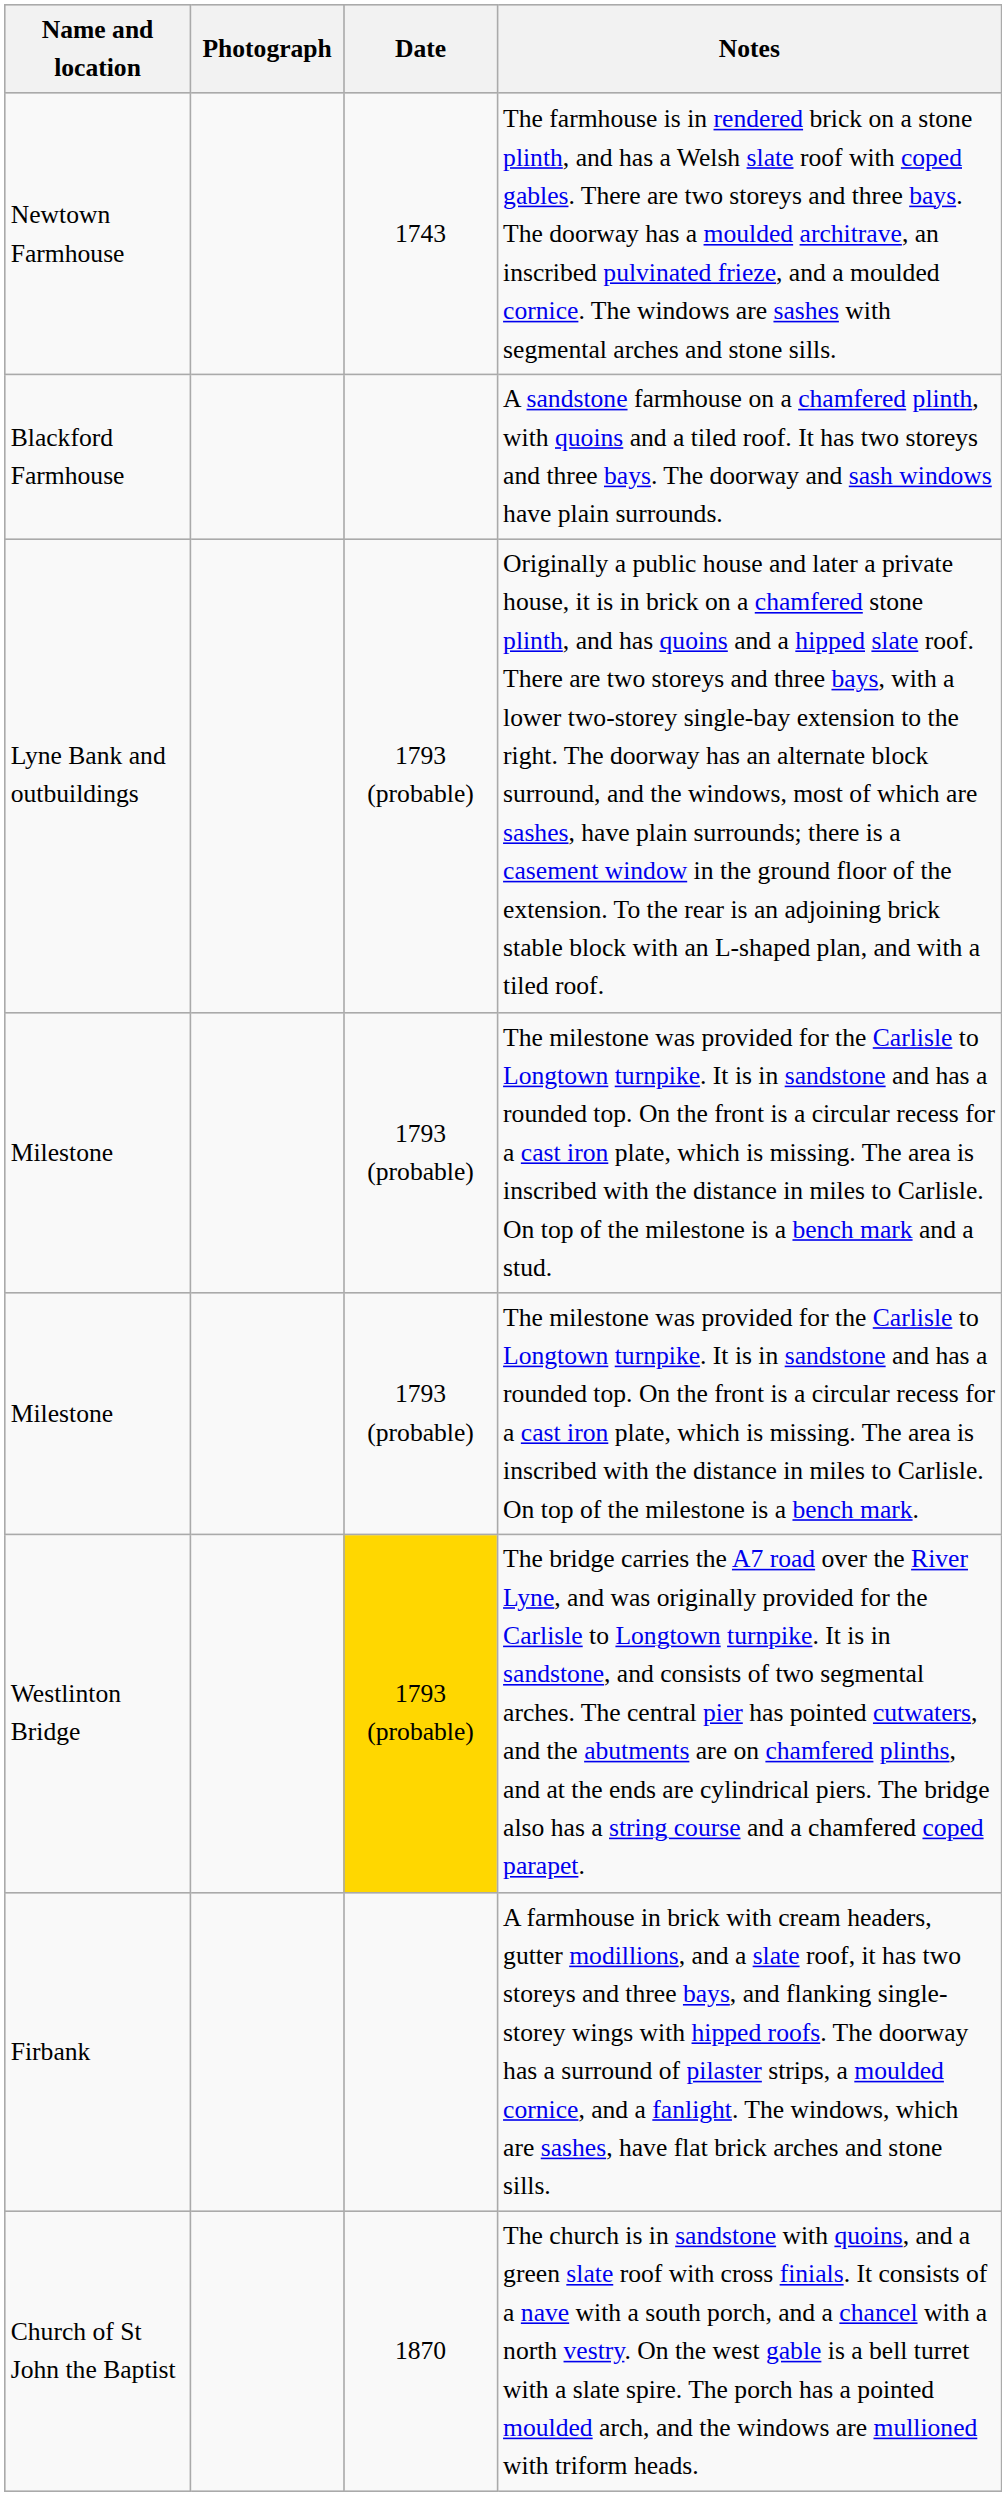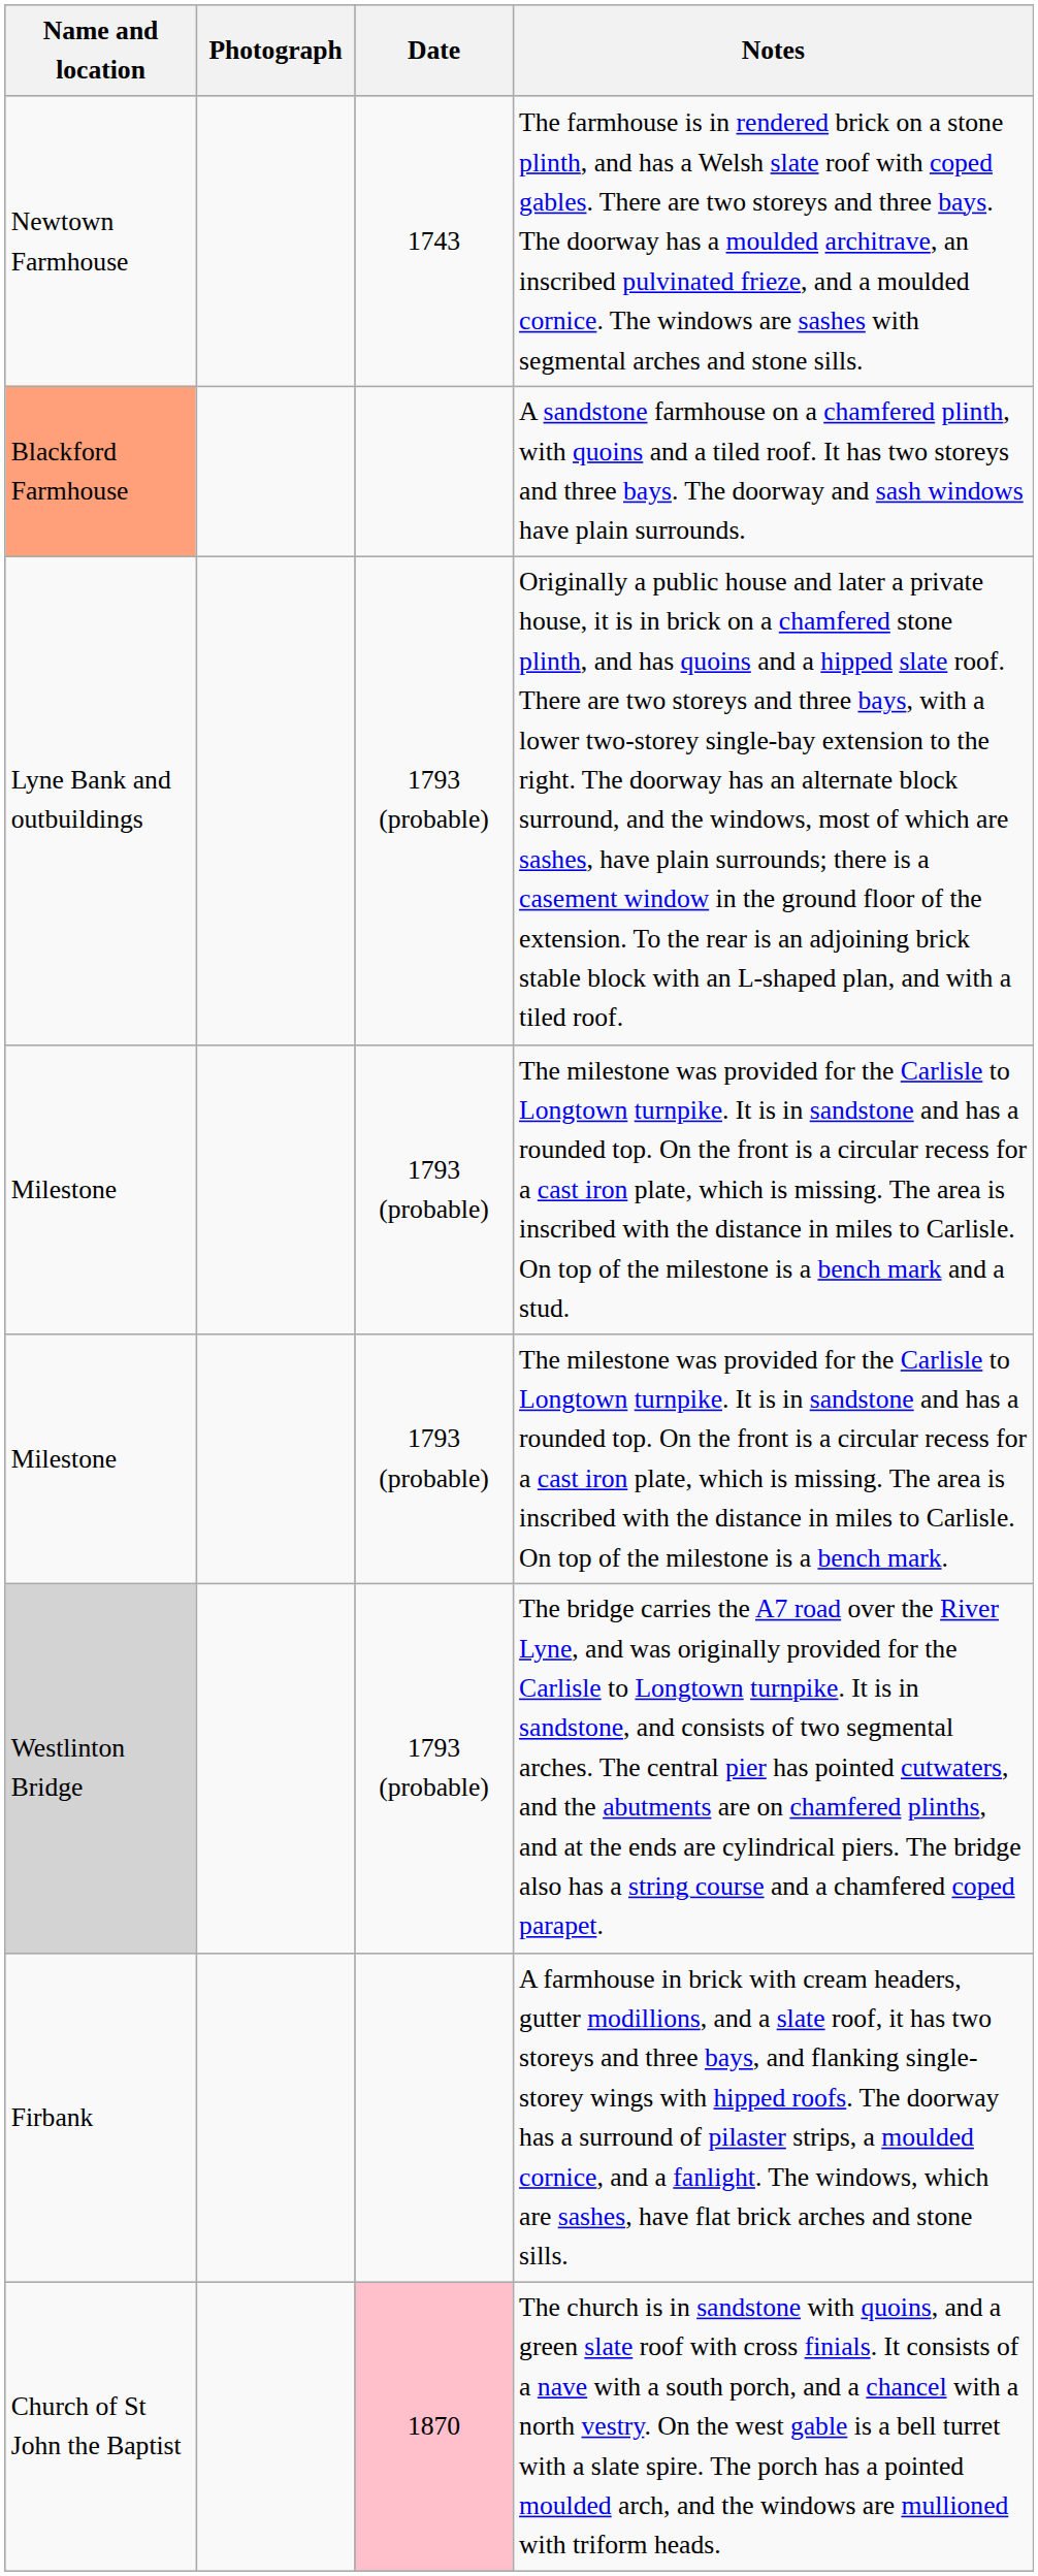 <table class="wikitable sortable plainrowheaders" style="width:100%;border:0px;text-align:left;line-height:150%;">
 <tr>
 <th scope="col"  style="width:150px">Name and location</th>
 <th scope="col"  style="width:100px" class="unsortable">Photograph</th>
 <th scope="col"  style="width:120px">Date</th>
 <th scope="col"  style="width:650px" class="unsortable">Notes</th>
 </tr>
 <tr>
 <td>Newtown Farmhouse<br><small></small></td>
 <td></td>
 <td align="center">1743</td>
 <td>The farmhouse is in <a href='#'>rendered</a> brick on a stone <a href='#'>plinth</a>, and has a Welsh <a href='#'>slate</a> roof with <a href='#'>coped</a> <a href='#'>gables</a>.  There are two storeys and three <a href='#'>bays</a>.  The doorway has a <a href='#'>moulded</a> <a href='#'>architrave</a>, an inscribed <a href='#'>pulvinated frieze</a>, and a moulded <a href='#'>cornice</a>.  The windows are <a href='#'>sashes</a> with segmental arches and stone sills.</td>
 </tr>
 <tr>
-<td>Blackford Farmhouse<br><small></small></td>
+<td style="background: lightsalmon;">Blackford Farmhouse<br><small></small></td>
 <td></td>
 <td align="center"></td>
 <td>A <a href='#'>sandstone</a> farmhouse on a <a href='#'>chamfered</a> <a href='#'>plinth</a>, with <a href='#'>quoins</a> and a tiled roof.  It has two storeys and three <a href='#'>bays</a>.  The doorway and <a href='#'>sash windows</a> have plain surrounds.</td>
 </tr>
 <tr>
 <td>Lyne Bank and outbuildings<br><small></small></td>
 <td></td>
 <td align="center">1793 (probable)</td>
 <td>Originally a public house and later a private house, it is in brick on a <a href='#'>chamfered</a> stone <a href='#'>plinth</a>, and has <a href='#'>quoins</a> and a <a href='#'>hipped</a> <a href='#'>slate</a> roof.  There are two storeys and three <a href='#'>bays</a>, with a lower two-storey single-bay extension to the right.  The doorway has an alternate block surround, and the windows, most of which are <a href='#'>sashes</a>, have plain surrounds; there is a <a href='#'>casement window</a> in the ground floor of the extension.  To the rear is an adjoining brick stable block with an L-shaped plan, and with a tiled roof.</td>
 </tr>
 <tr>
 <td>Milestone<br><small></small></td>
 <td></td>
 <td align="center">1793 (probable)</td>
 <td>The milestone was provided for the <a href='#'>Carlisle</a> to <a href='#'>Longtown</a> <a href='#'>turnpike</a>.  It is in <a href='#'>sandstone</a> and has a rounded top.  On the front is a circular recess for a <a href='#'>cast iron</a> plate, which is missing.  The area is inscribed with the distance in miles to Carlisle.  On top of the milestone is a <a href='#'>bench mark</a> and a stud.</td>
 </tr>
 <tr>
 <td>Milestone<br><small></small></td>
 <td></td>
 <td align="center">1793 (probable)</td>
 <td>The milestone was provided for the <a href='#'>Carlisle</a> to <a href='#'>Longtown</a> <a href='#'>turnpike</a>.  It is in <a href='#'>sandstone</a> and has a rounded top.  On the front is a circular recess for a <a href='#'>cast iron</a> plate, which is missing.  The area is inscribed with the distance in miles to Carlisle.  On top of the milestone is a <a href='#'>bench mark</a>.</td>
 </tr>
 <tr>
-<td>Westlinton Bridge<br><small></small></td>
+<td style="background: lightgrey;">Westlinton Bridge<br><small></small></td>
 <td></td>
-<td align="center" style="background: gold;">1793 (probable)</td>
+<td align="center">1793 (probable)</td>
 <td>The bridge carries the <a href='#'>A7 road</a> over the <a href='#'>River Lyne</a>, and was originally provided for the <a href='#'>Carlisle</a> to <a href='#'>Longtown</a> <a href='#'>turnpike</a>.  It is in <a href='#'>sandstone</a>, and consists of two segmental arches.  The central <a href='#'>pier</a> has pointed <a href='#'>cutwaters</a>, and the <a href='#'>abutments</a> are on <a href='#'>chamfered</a> <a href='#'>plinths</a>, and at the ends are cylindrical piers. The bridge also has a <a href='#'>string course</a> and a chamfered <a href='#'>coped</a> <a href='#'>parapet</a>.</td>
 </tr>
 <tr>
 <td>Firbank<br><small></small></td>
 <td></td>
 <td align="center"></td>
 <td>A farmhouse in brick with cream headers, gutter <a href='#'>modillions</a>, and a <a href='#'>slate</a> roof, it has two storeys and three <a href='#'>bays</a>, and flanking single-storey wings with <a href='#'>hipped roofs</a>.  The doorway has a surround of <a href='#'>pilaster</a> strips, a <a href='#'>moulded</a> <a href='#'>cornice</a>, and a <a href='#'>fanlight</a>.  The windows, which are <a href='#'>sashes</a>, have flat brick arches and stone sills.</td>
 </tr>
 <tr>
 <td>Church of St John the Baptist<br><small></small></td>
 <td></td>
-<td align="center">1870</td>
+<td align="center" style="background: pink;">1870</td>
 <td>The church is in <a href='#'>sandstone</a> with <a href='#'>quoins</a>, and a green <a href='#'>slate</a> roof with cross <a href='#'>finials</a>.  It consists of a <a href='#'>nave</a> with a south porch, and a <a href='#'>chancel</a> with a north <a href='#'>vestry</a>.  On the west <a href='#'>gable</a> is a bell turret with a slate spire.  The porch has a pointed <a href='#'>moulded</a> arch, and the windows are <a href='#'>mullioned</a> with triform heads.</td>
 </tr>
 <tr>
 </tr>
 </table>
